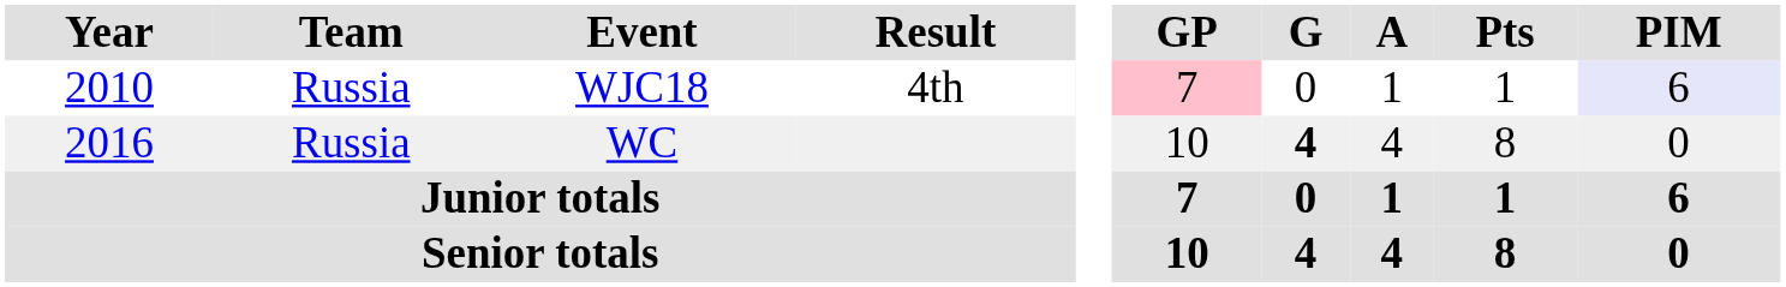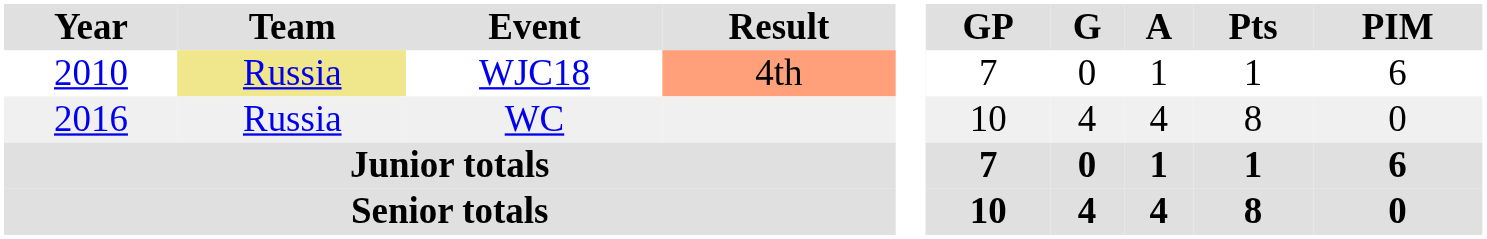 <table border="0" cellpadding="1" cellspacing="0" style="text-align:center; width:40em">
 <tr ALIGN="center" bgcolor="#e0e0e0">
 <th>Year</th>
 <th>Team</th>
 <th>Event</th>
 <th>Result</th>
 <th rowspan="99" bgcolor="#ffffff"> </th>
 <th>GP</th>
 <th>G</th>
 <th>A</th>
 <th>Pts</th>
 <th>PIM</th>
 </tr>
 <tr>
 <td><a href='#'>2010</a></td>
-<td><a href='#'>Russia</a></td>
+<td style="background: khaki;"><a href='#'>Russia</a></td>
 <td><a href='#'>WJC18</a></td>
-<td>4th</td>
-<td style="background: pink;">7</td>
+<td style="background: lightsalmon;">4th</td>
+<td>7</td>
 <td>0</td>
 <td>1</td>
 <td>1</td>
-<td style="background: lavender;">6</td>
+<td>6</td>
 </tr>
 <tr bgcolor="#f0f0f0">
 <td><a href='#'>2016</a></td>
 <td><a href='#'>Russia</a></td>
 <td><a href='#'>WC</a></td>
 <td></td>
 <td>10</td>
-<td><strong>4</strong></td>
+<td>4</td>
 <td>4</td>
 <td>8</td>
 <td>0</td>
 </tr>
 <tr bgcolor="#e0e0e0">
 <th colspan="4">Junior totals</th>
 <th>7</th>
 <th>0</th>
 <th>1</th>
 <th>1</th>
 <th>6</th>
 </tr>
 <tr bgcolor="#e0e0e0">
 <th colspan="4">Senior totals</th>
 <th>10</th>
 <th>4</th>
 <th>4</th>
 <th>8</th>
 <th>0</th>
 </tr>
 </table>
